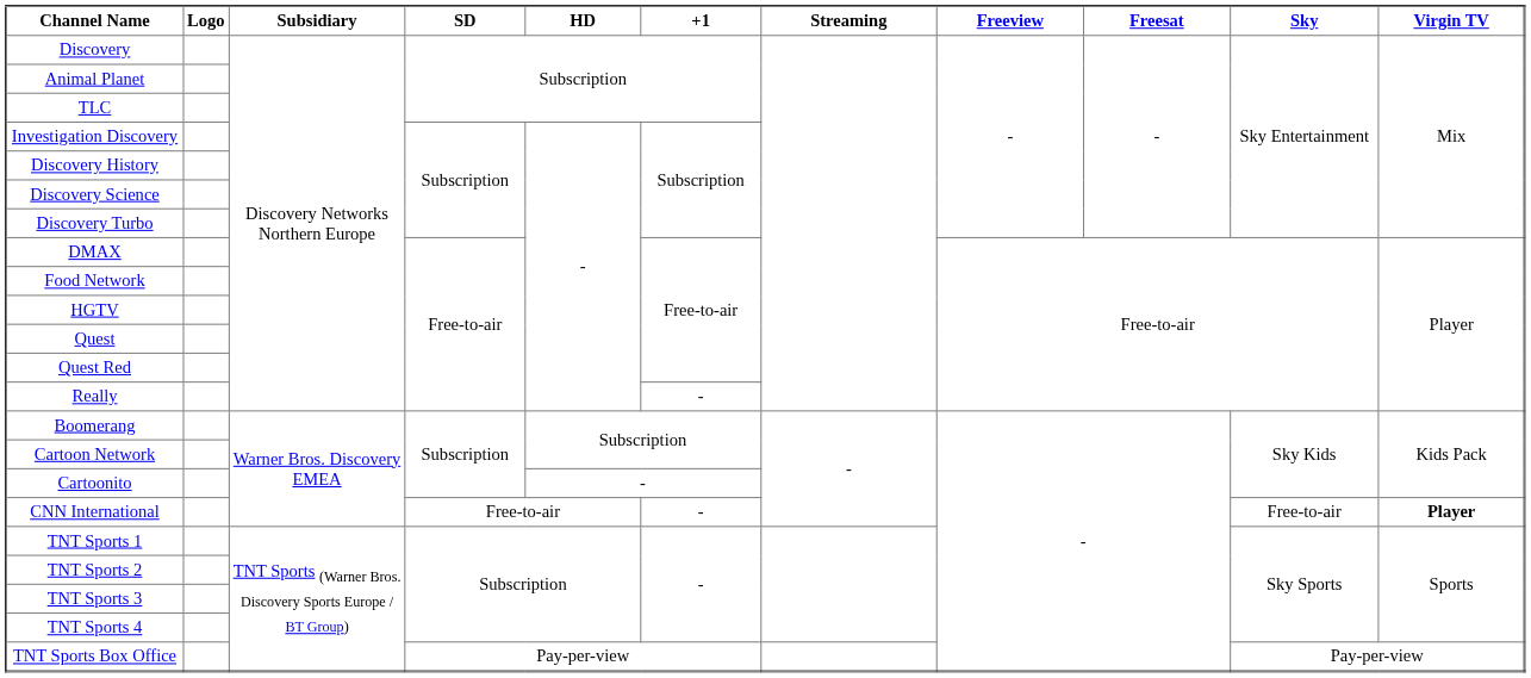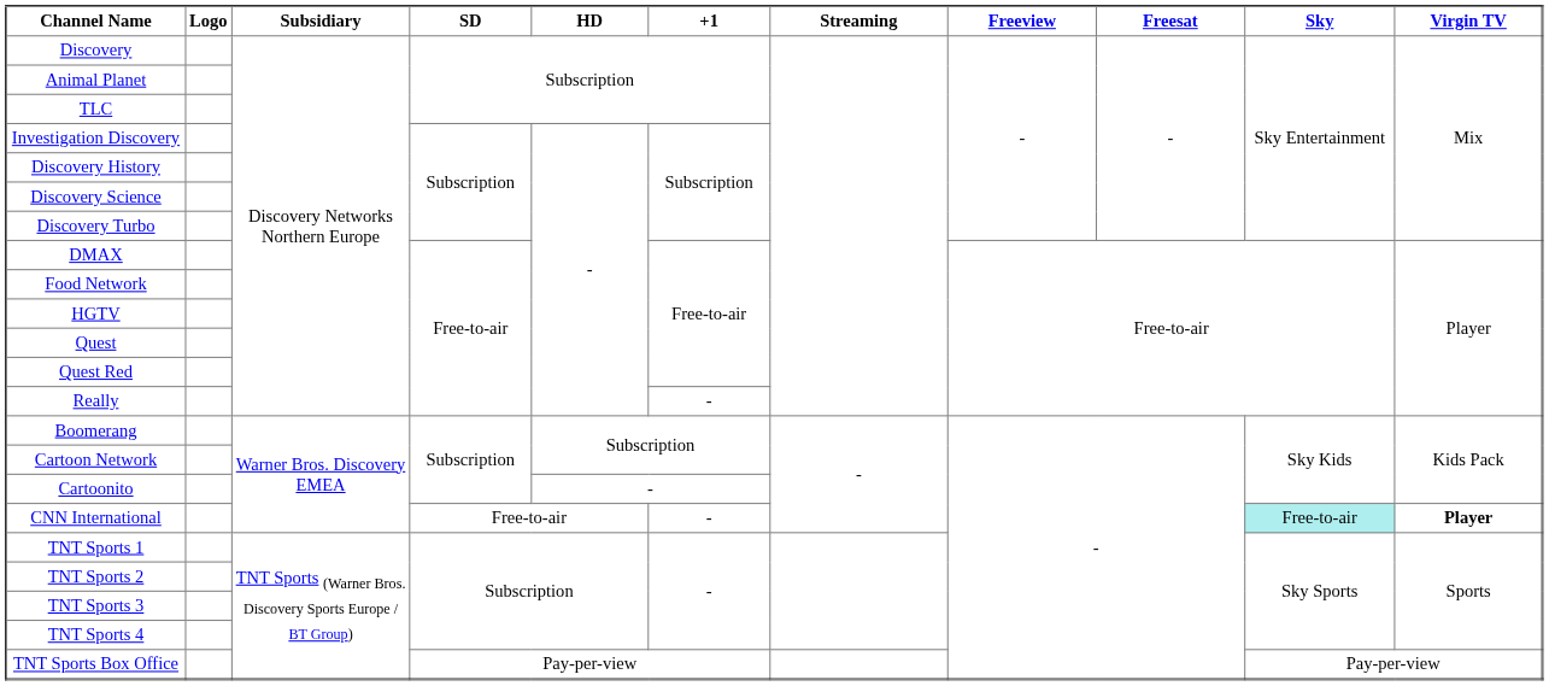 <table class="toccolours " border="2" cellpadding="3" style="border-collapse:collapse; font-size:90%; text-align:center; width:100%;">
 <tr>
 <th style="width:12%;">Channel Name</th>
 <th>Logo</th>
 <th style="width:12%;">Subsidiary</th>
 <th style="width:8%;">SD</th>
 <th style="width:8%;">HD</th>
 <th style="width:8%;">+1</th>
 <th style="width:12%;">Streaming</th>
 <th style="width:10%;"><a href='#'>Freeview</a></th>
 <th style="width:10%;"><a href='#'>Freesat</a></th>
 <th style="width:10%;"><a href='#'>Sky</a></th>
 <th style="width:10%;"><a href='#'>Virgin TV</a></th>
 </tr>
 <tr>
 <td><a href='#'>Discovery</a></td>
 <td></td>
 <td rowspan="13">Discovery Networks Northern Europe</td>
 <td rowspan="3" colspan="3">Subscription</td>
 <td rowspan="13"></td>
 <td rowspan="7">-</td>
 <td rowspan="7">-</td>
 <td rowspan="7">Sky Entertainment</td>
 <td rowspan="7">Mix</td>
 </tr>
 <tr>
 <td><a href='#'>Animal Planet</a></td>
 <td></td>
 </tr>
 <tr>
 <td><a href='#'>TLC</a></td>
 <td></td>
 </tr>
 <tr>
 <td><a href='#'>Investigation Discovery</a></td>
 <td></td>
 <td rowspan="4">Subscription</td>
 <td rowspan="10">-</td>
 <td rowspan="4">Subscription</td>
 </tr>
 <tr>
 <td><a href='#'>Discovery History</a></td>
 <td></td>
 </tr>
 <tr>
 <td><a href='#'>Discovery Science</a></td>
 <td></td>
 </tr>
 <tr>
 <td><a href='#'>Discovery Turbo</a></td>
 <td></td>
 </tr>
 <tr>
 <td><a href='#'>DMAX</a></td>
 <td></td>
 <td rowspan="6">Free-to-air</td>
 <td rowspan="5">Free-to-air</td>
 <td colspan="3" rowspan="6">Free-to-air</td>
 <td rowspan="6">Player</td>
 </tr>
 <tr>
 <td><a href='#'>Food Network</a></td>
 <td></td>
 </tr>
 <tr>
 <td><a href='#'>HGTV</a></td>
 <td></td>
 </tr>
 <tr>
 <td><a href='#'>Quest</a></td>
 <td></td>
 </tr>
 <tr>
 <td><a href='#'>Quest Red</a></td>
 <td></td>
 </tr>
 <tr>
 <td><a href='#'>Really</a></td>
 <td></td>
 <td>-</td>
 </tr>
 <tr>
 <td><a href='#'>Boomerang</a></td>
 <td></td>
 <td rowspan="4"><a href='#'>Warner Bros. Discovery EMEA</a></td>
 <td rowspan="3">Subscription</td>
 <td colspan="2" rowspan="2">Subscription</td>
 <td rowspan="4">-</td>
 <td colspan="2" rowspan="9">-</td>
 <td rowspan="3">Sky Kids</td>
 <td rowspan="3">Kids Pack</td>
 </tr>
 <tr>
 <td><a href='#'>Cartoon Network</a></td>
 <td></td>
 </tr>
 <tr>
 <td><a href='#'>Cartoonito</a></td>
 <td></td>
 <td colspan="2">-</td>
 </tr>
 <tr>
 <td><a href='#'>CNN International</a></td>
 <td></td>
 <td colspan="2">Free-to-air</td>
 <td>-</td>
-<td>Free-to-air</td>
+<td style="background: paleturquoise;">Free-to-air</td>
 <td><strong>Player</strong></td>
 </tr>
 <tr>
 <td><a href='#'>TNT Sports 1</a></td>
 <td></td>
 <td rowspan="5"><a href='#'>TNT Sports</a> <sub>(Warner Bros. Discovery Sports Europe / <a href='#'>BT Group</a>)</sub></td>
 <td colspan="2" rowspan="4">Subscription</td>
 <td rowspan="4">-</td>
 <td rowspan="4"></td>
 <td rowspan="4">Sky Sports</td>
 <td rowspan="4">Sports</td>
 </tr>
 <tr>
 <td><a href='#'>TNT Sports 2</a></td>
 <td></td>
 </tr>
 <tr>
 <td><a href='#'>TNT Sports 3</a></td>
 <td></td>
 </tr>
 <tr>
 <td><a href='#'>TNT Sports 4</a></td>
 <td></td>
 </tr>
 <tr>
 <td><a href='#'>TNT Sports Box Office</a></td>
 <td></td>
 <td colspan="3">Pay-per-view</td>
 <td></td>
 <td colspan="2">Pay-per-view</td>
 </tr>
 </table>
